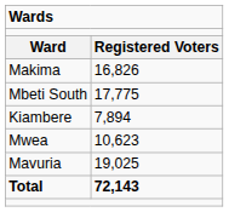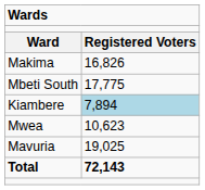 <table class="wikitable">
 <tr>
 <td colspan="2"><strong>Wards</strong></td>
 </tr>
 <tr>
 <td colspan="2"></td>
 </tr>
 <tr>
 <th>Ward</th>
 <th>Registered Voters</th>
 </tr>
 <tr>
 <td>Makima</td>
 <td>16,826</td>
 </tr>
 <tr>
 <td>Mbeti South</td>
 <td>17,775</td>
 </tr>
 <tr>
 <td>Kiambere</td>
-<td>7,894</td>
+<td style="background: lightblue;">7,894</td>
 </tr>
 <tr>
 <td>Mwea</td>
 <td>10,623</td>
 </tr>
 <tr>
 <td>Mavuria</td>
 <td>19,025</td>
 </tr>
 <tr>
 <td><strong>Total</strong></td>
 <td><strong>72,143</strong></td>
 </tr>
 <tr>
 <td colspan="2"></td>
 </tr>
 </table>
